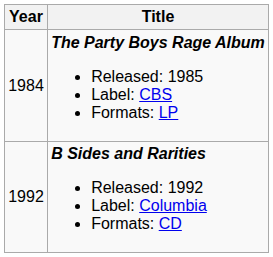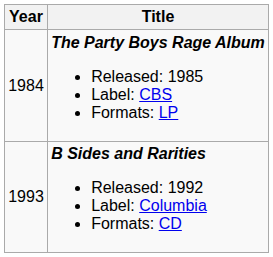 <table class="wikitable">
 <tr>
 <th>Year</th>
 <th>Title</th>
 </tr>
 <tr>
 <td align="center">1984</td>
 <td><strong><em>The Party Boys Rage Album</em></strong><br><ul><li>Released: 1985</li><li>Label: <a href='#'>CBS</a> <small></small></li><li>Formats: <a href='#'>LP</a></li></ul></td>
 </tr>
 <tr>
-<td align="center">1992</td>
+<td align="center">1993</td>
 <td><strong><em>B Sides and Rarities</em></strong><br><ul><li>Released: 1992</li><li>Label:  <a href='#'>Columbia</a><small></small></li><li>Formats: <a href='#'>CD</a></li></ul></td>
 </tr>
 <tr>
 </tr>
 </table>
